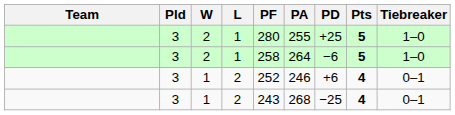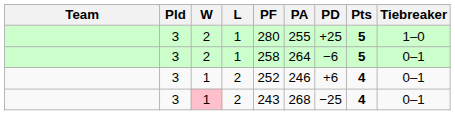 <table class=wikitable style="text-align:center">
 <tr>
 <th width=180>Team</th>
 <th width=30>Pld</th>
 <th width=30>W</th>
 <th width=30>L</th>
 <th width=30>PF</th>
 <th width=30>PA</th>
 <th width=30>PD</th>
 <th width=30>Pts</th>
 <th width=80>Tiebreaker</th>
 </tr>
 <tr align=center bgcolor="#ccffcc">
 <td align=left></td>
 <td>3</td>
 <td>2</td>
 <td>1</td>
 <td>280</td>
 <td>255</td>
 <td>+25</td>
 <td><strong>5</strong></td>
 <td>1–0</td>
 </tr>
 <tr align=center bgcolor="#ccffcc">
 <td align=left></td>
 <td>3</td>
 <td>2</td>
 <td>1</td>
 <td>258</td>
 <td>264</td>
 <td>−6</td>
 <td><strong>5</strong></td>
-<td>1–0</td>
+<td>0–1</td>
 </tr>
 <tr align=center>
 <td align=left></td>
 <td>3</td>
 <td>1</td>
 <td>2</td>
 <td>252</td>
 <td>246</td>
 <td>+6</td>
 <td><strong>4</strong></td>
 <td>0–1</td>
 </tr>
 <tr align=center>
 <td align=left></td>
 <td>3</td>
-<td>1</td>
+<td style="background: pink;">1</td>
 <td>2</td>
 <td>243</td>
 <td>268</td>
 <td>−25</td>
 <td><strong>4</strong></td>
 <td>0–1</td>
 </tr>
 </table>
